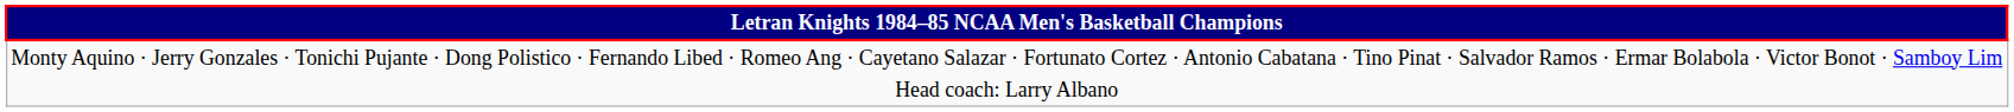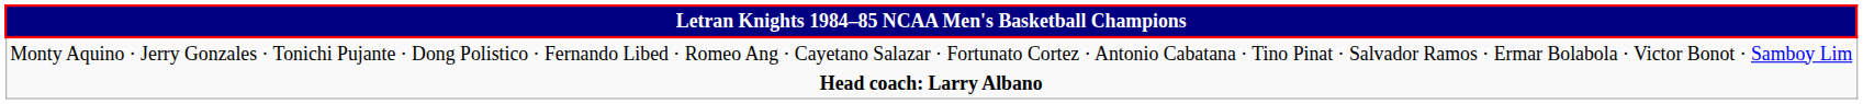 <table class="wikitable" style="text-align: center">
 <tr>
 <th style = "background:#020080; border:2px solid red; color:white">Letran Knights 1984–85 NCAA Men's Basketball Champions</th>
 </tr>
 <tr>
 <td style="border-style: none none none none;">Monty Aquino · Jerry Gonzales · Tonichi Pujante · Dong Polistico · Fernando Libed · Romeo Ang · Cayetano Salazar · Fortunato Cortez · Antonio Cabatana · Tino Pinat · Salvador Ramos · Ermar Bolabola · Victor Bonot · <a href='#'>Samboy Lim</a></td>
 </tr>
 <tr>
-<td style="border-style: none none none none;">Head coach: Larry Albano</td>
+<td style="border-style: none none none none;"><strong>Head coach: Larry Albano</strong></td>
 </tr>
 </table>
